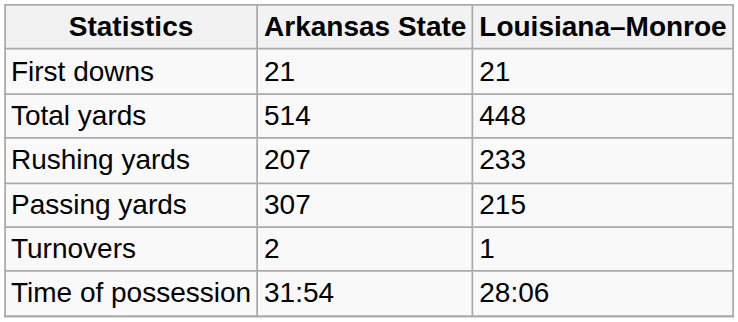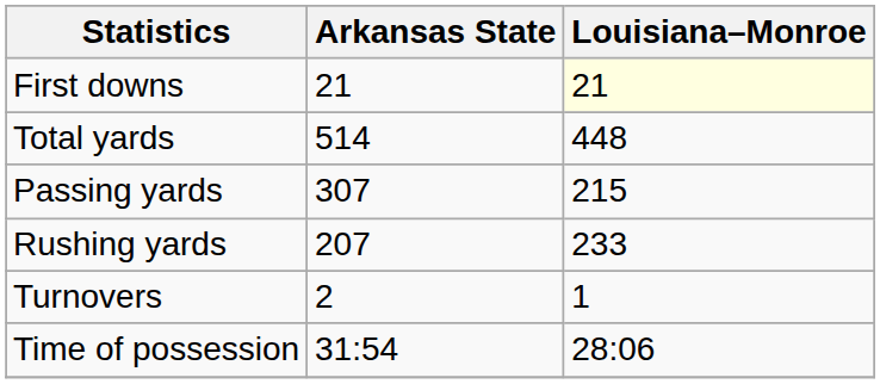 <table class="wikitable" style="float: right;">
 <tr>
 <th>Statistics</th>
 <th>Arkansas State</th>
 <th>Louisiana–Monroe</th>
 </tr>
 <tr>
 <td>First downs</td>
 <td>21</td>
-<td>21</td>
+<td style="background: lightyellow;">21</td>
 </tr>
 <tr>
 <td>Total yards</td>
 <td>514</td>
 <td>448</td>
 </tr>
 <tr>
+<td>Passing yards</td>
+<td>307</td>
+<td>215</td>
+</tr>
+<tr>
 <td>Rushing yards</td>
 <td>207</td>
 <td>233</td>
-</tr>
-<tr>
-<td>Passing yards</td>
-<td>307</td>
-<td>215</td>
 </tr>
 <tr>
 <td>Turnovers</td>
 <td>2</td>
 <td>1</td>
 </tr>
 <tr>
 <td>Time of possession</td>
 <td>31:54</td>
 <td>28:06</td>
 </tr>
 <tr>
 </tr>
 </table>
